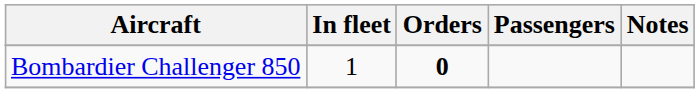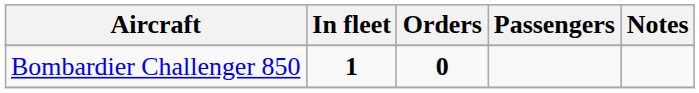 <table class="wikitable" style="margin:1em auto;">
 <tr style="border-collapse:collapse;">
 <th>Aircraft</th>
 <th>In fleet</th>
 <th>Orders</th>
 <th>Passengers</th>
 <th>Notes</th>
 </tr>
 <tr>
 </tr>
 <tr>
 <td><a href='#'>Bombardier Challenger 850</a></td>
-<td align="center">1</td>
+<td align="center"><strong>1</strong></td>
 <td align="center"><strong>0</strong></td>
 <td align="center"></td>
 <td></td>
 </tr>
 <tr>
 </tr>
 </table>
